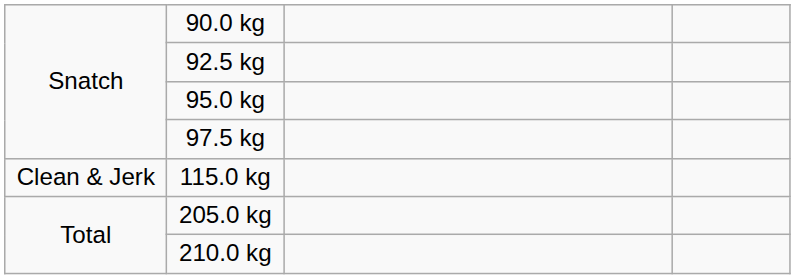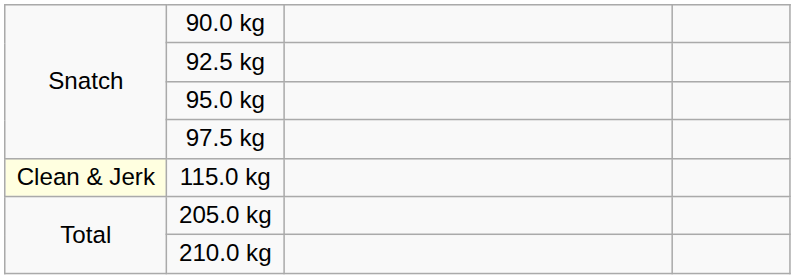 <table class = "wikitable" style="text-align:center;">
 <tr>
 <td width=100 rowspan=4>Snatch</td>
 <td width=70>90.0 kg</td>
 <td width=250 align=left></td>
 <td width=70></td>
 </tr>
 <tr>
 <td>92.5 kg</td>
 <td align=left></td>
 <td></td>
 </tr>
 <tr>
 <td>95.0 kg</td>
 <td align=left></td>
 <td></td>
 </tr>
 <tr>
 <td>97.5 kg</td>
 <td align=left></td>
 <td></td>
 </tr>
 <tr>
-<td>Clean & Jerk</td>
+<td style="background: lightyellow;">Clean & Jerk</td>
 <td>115.0 kg</td>
 <td align=left></td>
 <td></td>
 </tr>
 <tr>
 <td rowspan=2>Total</td>
 <td>205.0 kg</td>
 <td align=left></td>
 <td></td>
 </tr>
 <tr>
 <td>210.0 kg</td>
 <td align=left></td>
 <td></td>
 </tr>
 </table>
